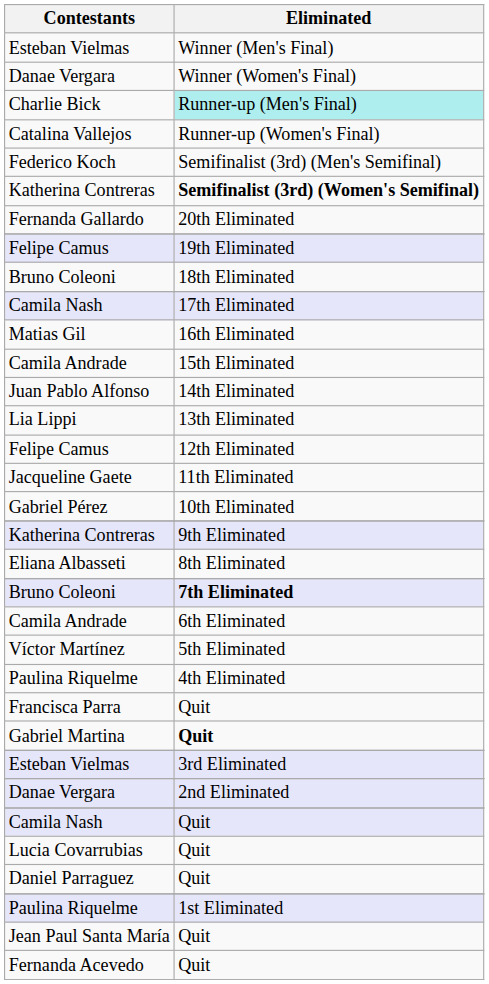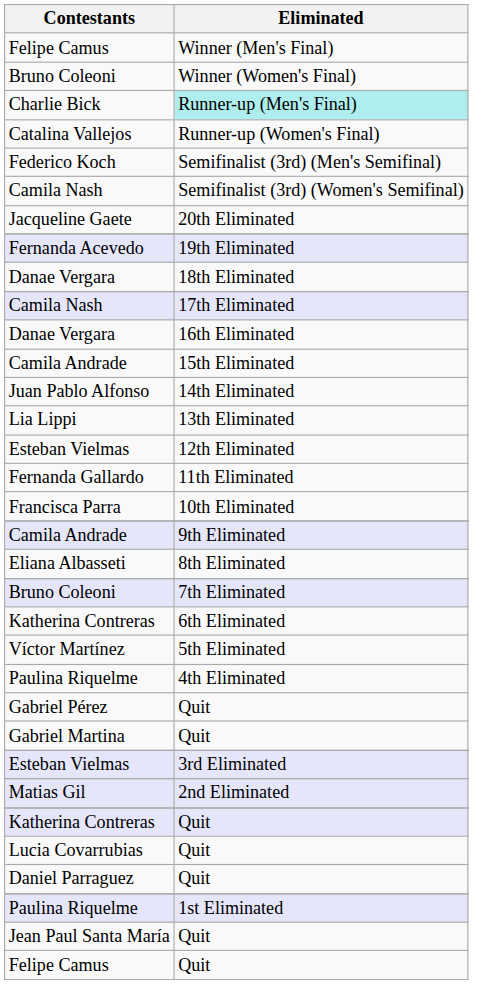 <table class="wikitable">
 <tr>
 <th>Contestants</th>
 <th>Eliminated</th>
 </tr>
 <tr>
-<td> Esteban Vielmas</td>
+<td> Felipe Camus</td>
 <td>Winner (Men's Final)</td>
 </tr>
 <tr>
-<td> Danae Vergara</td>
+<td> Bruno Coleoni</td>
 <td>Winner (Women's Final)</td>
 </tr>
 <tr>
 <td> Charlie Bick</td>
 <td style="background: paleturquoise;">Runner-up (Men's Final)</td>
 </tr>
 <tr>
 <td> Catalina Vallejos</td>
 <td>Runner-up (Women's Final)</td>
 </tr>
 <tr>
 <td> Federico Koch</td>
 <td>Semifinalist (3rd) (Men's Semifinal)</td>
 </tr>
 <tr>
-<td> Katherina Contreras</td>
-<td><strong>Semifinalist (3rd) (Women's Semifinal)</strong></td>
+<td> Camila Nash</td>
+<td>Semifinalist (3rd) (Women's Semifinal)</td>
 </tr>
 <tr>
-<td> Fernanda Gallardo</td>
+<td> Jacqueline Gaete</td>
 <td>20th Eliminated</td>
 </tr>
 <tr>
 </tr>
 <tr bgcolor=lavender>
-<td> Felipe Camus</td>
+<td> Fernanda Acevedo</td>
 <td>19th Eliminated</td>
 </tr>
 <tr>
-<td> Bruno Coleoni</td>
+<td> Danae Vergara</td>
 <td>18th Eliminated</td>
 </tr>
 <tr>
 </tr>
 <tr bgcolor=lavender>
 <td> Camila Nash</td>
 <td>17th Eliminated</td>
 </tr>
 <tr>
-<td> Matias Gil</td>
+<td> Danae Vergara</td>
 <td>16th Eliminated</td>
 </tr>
 <tr>
 <td> Camila Andrade</td>
 <td>15th Eliminated</td>
 </tr>
 <tr>
 <td> Juan Pablo Alfonso</td>
 <td>14th Eliminated</td>
 </tr>
 <tr>
 <td> Lia Lippi</td>
 <td>13th Eliminated</td>
 </tr>
 <tr>
-<td> Felipe Camus</td>
+<td> Esteban Vielmas</td>
 <td>12th Eliminated</td>
 </tr>
 <tr>
-<td> Jacqueline Gaete</td>
+<td> Fernanda Gallardo</td>
 <td>11th Eliminated</td>
 </tr>
 <tr>
-<td> Gabriel Pérez</td>
+<td> Francisca Parra</td>
 <td>10th Eliminated</td>
 </tr>
 <tr>
 </tr>
 <tr bgcolor=lavender>
-<td> Katherina Contreras</td>
+<td> Camila Andrade</td>
 <td>9th Eliminated</td>
 </tr>
 <tr>
 <td> Eliana Albasseti</td>
 <td>8th Eliminated</td>
 </tr>
 <tr>
 </tr>
 <tr bgcolor=lavender>
 <td> Bruno Coleoni</td>
-<td><strong>7th Eliminated</strong></td>
+<td>7th Eliminated</td>
 </tr>
 <tr>
-<td> Camila Andrade</td>
+<td> Katherina Contreras</td>
 <td>6th Eliminated</td>
 </tr>
 <tr>
 <td> Víctor Martínez</td>
 <td>5th Eliminated</td>
 </tr>
 <tr>
 <td> Paulina Riquelme</td>
 <td>4th Eliminated</td>
 </tr>
 <tr>
-<td> Francisca Parra</td>
+<td> Gabriel Pérez</td>
 <td>Quit</td>
 </tr>
 <tr>
 <td> Gabriel Martina</td>
-<td><strong>Quit</strong></td>
+<td>Quit</td>
 </tr>
 <tr>
 </tr>
 <tr bgcolor=lavender>
 <td> Esteban Vielmas</td>
 <td>3rd Eliminated</td>
 </tr>
 <tr>
 </tr>
 <tr bgcolor=lavender>
-<td> Danae Vergara</td>
+<td> Matias Gil</td>
 <td>2nd Eliminated</td>
 </tr>
 <tr>
 </tr>
 <tr bgcolor=lavender>
-<td> Camila Nash</td>
+<td> Katherina Contreras</td>
 <td>Quit</td>
 </tr>
 <tr>
 <td> Lucia Covarrubias</td>
 <td>Quit</td>
 </tr>
 <tr>
 <td> Daniel Parraguez</td>
 <td>Quit</td>
 </tr>
 <tr>
 </tr>
 <tr bgcolor=lavender>
 <td> Paulina Riquelme</td>
 <td>1st Eliminated</td>
 </tr>
 <tr>
 <td> Jean Paul Santa María</td>
 <td>Quit</td>
 </tr>
 <tr>
-<td> Fernanda Acevedo</td>
+<td> Felipe Camus</td>
 <td>Quit</td>
 </tr>
 <tr>
 </tr>
 </table>
